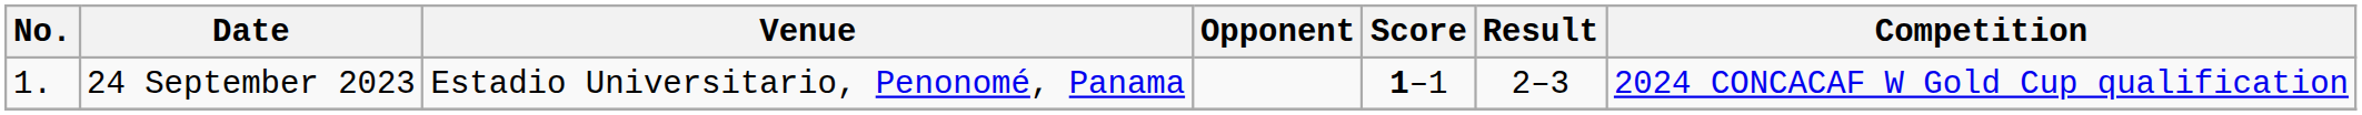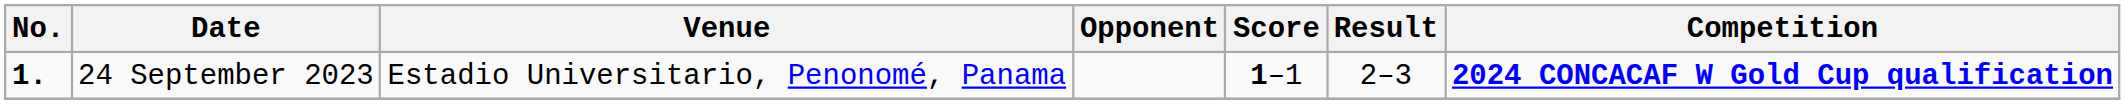 <table class="wikitable">
 <tr>
 <th>No.</th>
 <th>Date</th>
 <th>Venue</th>
 <th>Opponent</th>
 <th>Score</th>
 <th>Result</th>
 <th>Competition</th>
 </tr>
 <tr>
-<td>1.</td>
+<td><strong>1.</strong></td>
 <td>24 September 2023</td>
 <td>Estadio Universitario, <a href='#'>Penonomé</a>, <a href='#'>Panama</a></td>
 <td></td>
 <td align=center><strong>1</strong>–1</td>
 <td align=center>2–3</td>
-<td><a href='#'>2024 CONCACAF W Gold Cup qualification</a></td>
+<td><strong><a href='#'>2024 CONCACAF W Gold Cup qualification</a></strong></td>
 </tr>
 <tr>
 </tr>
 </table>
